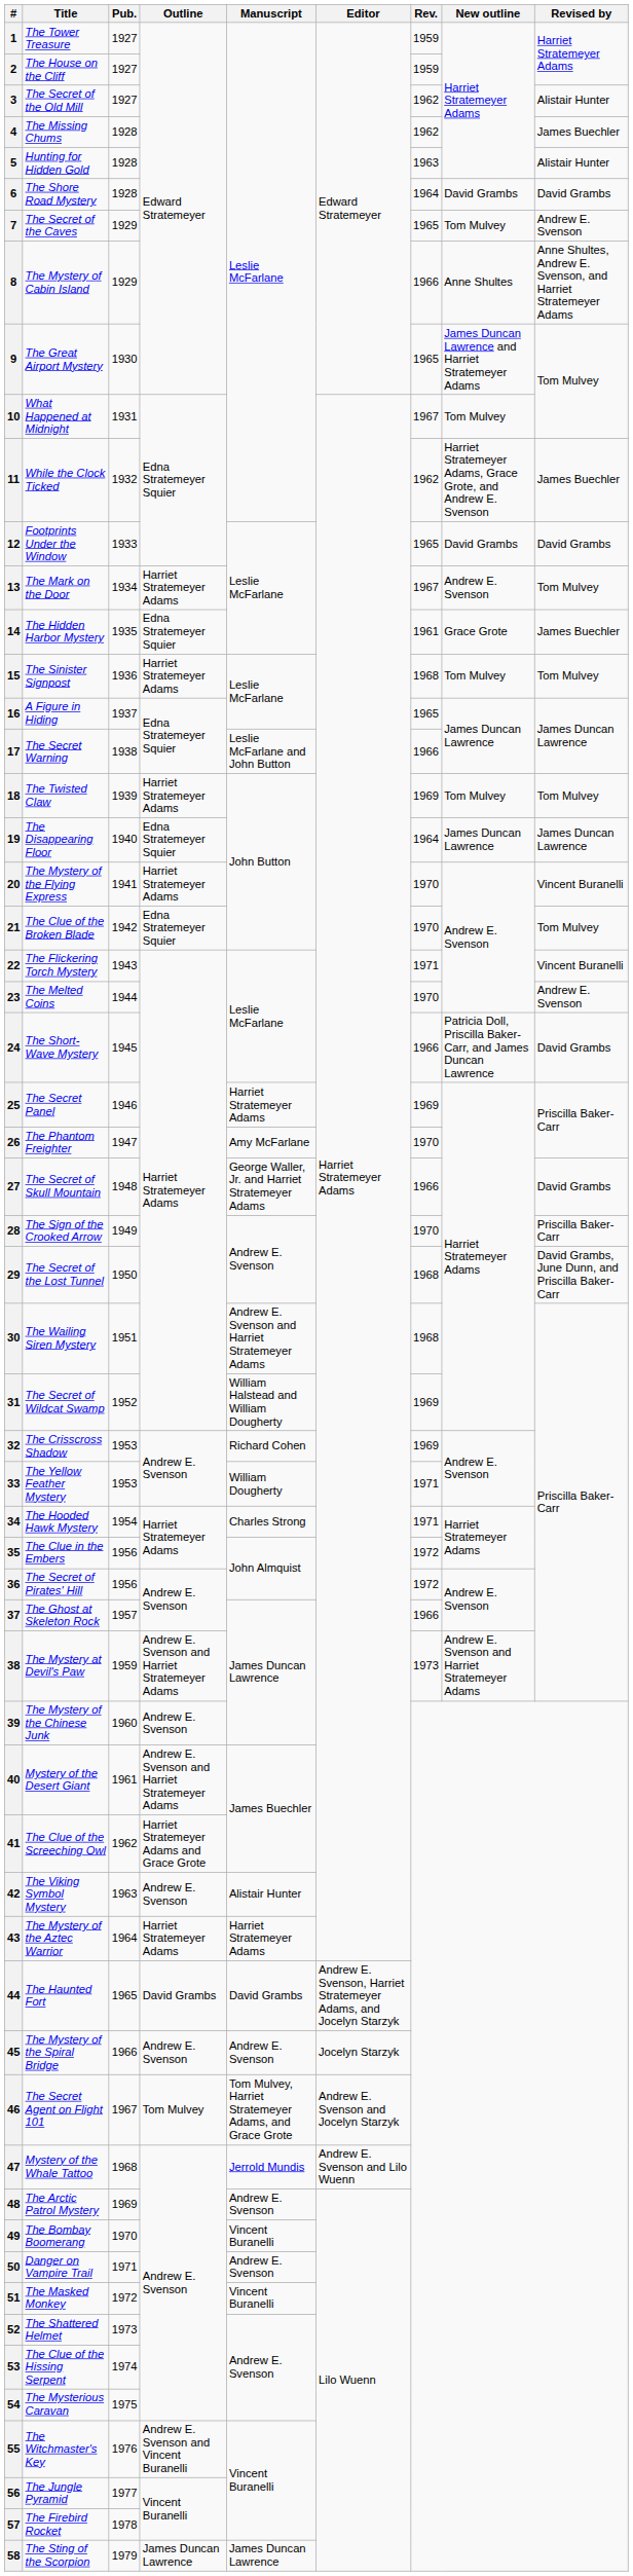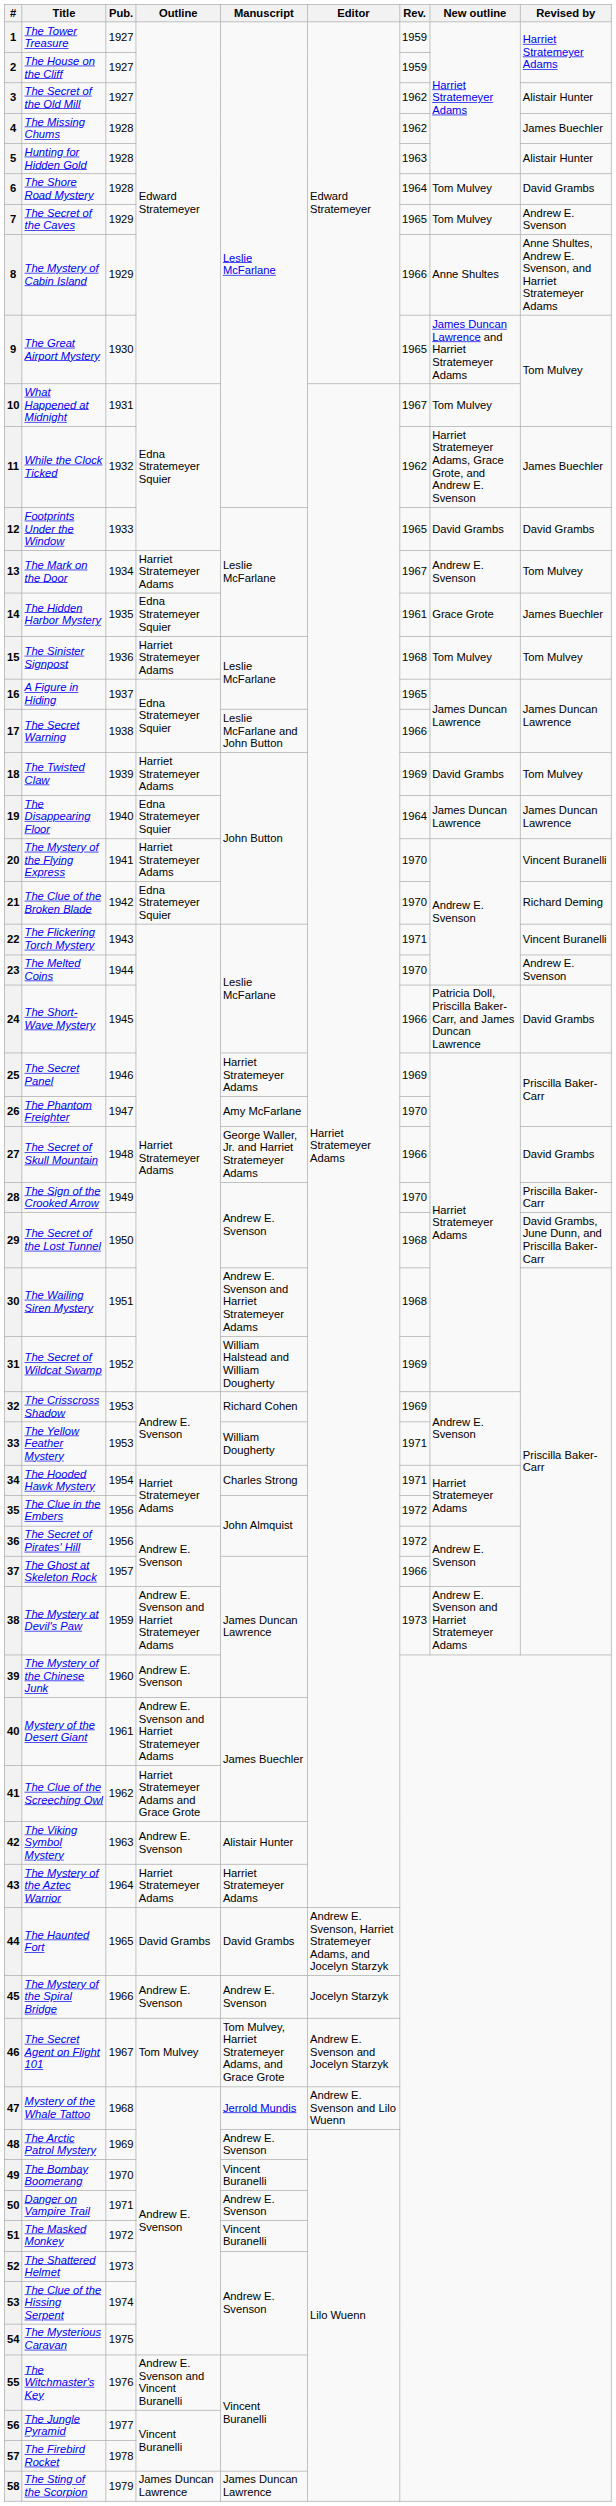 <table class="wikitable">
 <tr>
 <th>#</th>
 <th>Title</th>
 <th>Pub.</th>
 <th>Outline</th>
 <th>Manuscript</th>
 <th>Editor</th>
 <th>Rev.</th>
 <th>New outline</th>
 <th>Revised by</th>
 </tr>
 <tr>
 <th>1</th>
 <td><em><a href='#'>The Tower Treasure</a></em></td>
 <td>1927</td>
 <td rowspan="9">Edward Stratemeyer</td>
 <td rowspan="11"><a href='#'>Leslie McFarlane</a></td>
 <td rowspan="9">Edward Stratemeyer</td>
 <td>1959</td>
 <td rowspan="5"><a href='#'>Harriet Stratemeyer Adams</a></td>
 <td rowspan="2"><a href='#'>Harriet Stratemeyer Adams</a></td>
 </tr>
 <tr>
 <th>2</th>
 <td><em><a href='#'>The House on the Cliff</a></em></td>
 <td>1927</td>
 <td>1959</td>
 </tr>
 <tr>
 <th>3</th>
 <td><em><a href='#'>The Secret of the Old Mill</a></em></td>
 <td>1927</td>
 <td>1962</td>
 <td>Alistair Hunter</td>
 </tr>
 <tr>
 <th>4</th>
 <td><em><a href='#'>The Missing Chums</a></em></td>
 <td>1928</td>
 <td>1962</td>
 <td>James Buechler</td>
 </tr>
 <tr>
 <th>5</th>
 <td><em><a href='#'>Hunting for Hidden Gold</a></em></td>
 <td>1928</td>
 <td>1963</td>
 <td>Alistair Hunter</td>
 </tr>
 <tr>
 <th>6</th>
 <td><em><a href='#'>The Shore Road Mystery</a></em></td>
 <td>1928</td>
 <td>1964</td>
-<td>David Grambs</td>
+<td>Tom Mulvey</td>
 <td>David Grambs</td>
 </tr>
 <tr>
 <th>7</th>
 <td><em><a href='#'>The Secret of the Caves</a></em></td>
 <td>1929</td>
 <td>1965</td>
 <td>Tom Mulvey</td>
 <td>Andrew E. Svenson</td>
 </tr>
 <tr>
 <th>8</th>
 <td><em><a href='#'>The Mystery of Cabin Island</a></em></td>
 <td>1929</td>
 <td>1966</td>
 <td>Anne Shultes</td>
 <td>Anne Shultes, Andrew E. Svenson, and Harriet Stratemeyer Adams</td>
 </tr>
 <tr>
 <th>9</th>
 <td><em><a href='#'>The Great Airport Mystery</a></em></td>
 <td>1930</td>
 <td>1965</td>
 <td><a href='#'>James Duncan Lawrence</a> and Harriet Stratemeyer Adams</td>
 <td rowspan="2">Tom Mulvey</td>
 </tr>
 <tr>
 <th>10</th>
 <td><em><a href='#'>What Happened at Midnight</a></em></td>
 <td>1931</td>
 <td rowspan="3">Edna Stratemeyer Squier</td>
 <td rowspan="34">Harriet Stratemeyer Adams</td>
 <td>1967</td>
 <td>Tom Mulvey</td>
 </tr>
 <tr>
 <th>11</th>
 <td><em><a href='#'>While the Clock Ticked</a></em></td>
 <td>1932</td>
 <td>1962</td>
 <td>Harriet Stratemeyer Adams, Grace Grote, and Andrew E. Svenson</td>
 <td>James Buechler</td>
 </tr>
 <tr>
 <th>12</th>
 <td><em><a href='#'>Footprints Under the Window</a></em></td>
 <td>1933</td>
 <td rowspan="3">Leslie McFarlane</td>
 <td>1965</td>
 <td>David Grambs</td>
 <td>David Grambs</td>
 </tr>
 <tr>
 <th>13</th>
 <td><em><a href='#'>The Mark on the Door</a></em></td>
 <td>1934</td>
 <td>Harriet Stratemeyer Adams</td>
 <td>1967</td>
 <td>Andrew E. Svenson</td>
 <td>Tom Mulvey</td>
 </tr>
 <tr>
 <th>14</th>
 <td><em><a href='#'>The Hidden Harbor Mystery</a></em></td>
 <td>1935</td>
 <td>Edna Stratemeyer Squier</td>
 <td>1961</td>
 <td>Grace Grote</td>
 <td>James Buechler</td>
 </tr>
 <tr>
 <th>15</th>
 <td><em><a href='#'>The Sinister Signpost</a></em></td>
 <td>1936</td>
 <td>Harriet Stratemeyer Adams</td>
 <td rowspan="2">Leslie McFarlane</td>
 <td>1968</td>
 <td>Tom Mulvey</td>
 <td>Tom Mulvey</td>
 </tr>
 <tr>
 <th>16</th>
 <td><em><a href='#'>A Figure in Hiding</a></em></td>
 <td>1937</td>
 <td rowspan="2">Edna Stratemeyer Squier</td>
 <td>1965</td>
 <td rowspan="2">James Duncan Lawrence</td>
 <td rowspan="2">James Duncan Lawrence</td>
 </tr>
 <tr>
 <th>17</th>
 <td><em><a href='#'>The Secret Warning</a></em></td>
 <td>1938</td>
 <td>Leslie McFarlane and John Button</td>
 <td>1966</td>
 </tr>
 <tr>
 <th>18</th>
 <td><em><a href='#'>The Twisted Claw</a></em></td>
 <td>1939</td>
 <td>Harriet Stratemeyer Adams</td>
 <td rowspan="4">John Button</td>
 <td>1969</td>
-<td>Tom Mulvey</td>
+<td>David Grambs</td>
 <td>Tom Mulvey</td>
 </tr>
 <tr>
 <th>19</th>
 <td><em><a href='#'>The Disappearing Floor</a></em></td>
 <td>1940</td>
 <td>Edna Stratemeyer Squier</td>
 <td>1964</td>
 <td>James Duncan Lawrence</td>
 <td>James Duncan Lawrence</td>
 </tr>
 <tr>
 <th>20</th>
 <td><em><a href='#'>The Mystery of the Flying Express</a></em></td>
 <td>1941</td>
 <td>Harriet Stratemeyer Adams</td>
 <td>1970</td>
 <td rowspan="4">Andrew E. Svenson</td>
 <td>Vincent Buranelli</td>
 </tr>
 <tr>
 <th>21</th>
 <td><em><a href='#'>The Clue of the Broken Blade</a></em></td>
 <td>1942</td>
 <td>Edna Stratemeyer Squier</td>
 <td>1970</td>
-<td>Tom Mulvey</td>
+<td>Richard Deming</td>
 </tr>
 <tr>
 <th>22</th>
 <td><em><a href='#'>The Flickering Torch Mystery</a></em></td>
 <td>1943</td>
 <td rowspan="10">Harriet Stratemeyer Adams</td>
 <td rowspan="3">Leslie McFarlane</td>
 <td>1971</td>
 <td>Vincent Buranelli</td>
 </tr>
 <tr>
 <th>23</th>
 <td><em><a href='#'>The Melted Coins</a></em></td>
 <td>1944</td>
 <td>1970</td>
 <td>Andrew E. Svenson</td>
 </tr>
 <tr>
 <th>24</th>
 <td><em><a href='#'>The Short-Wave Mystery</a></em></td>
 <td>1945</td>
 <td>1966</td>
 <td>Patricia Doll, Priscilla Baker-Carr, and James Duncan Lawrence</td>
 <td>David Grambs</td>
 </tr>
 <tr>
 <th>25</th>
 <td><em><a href='#'>The Secret Panel</a></em></td>
 <td>1946</td>
 <td>Harriet Stratemeyer Adams</td>
 <td>1969</td>
 <td rowspan="7">Harriet Stratemeyer Adams</td>
 <td rowspan="2">Priscilla Baker-Carr</td>
 </tr>
 <tr>
 <th>26</th>
 <td><em><a href='#'>The Phantom Freighter</a></em></td>
 <td>1947</td>
 <td>Amy McFarlane</td>
 <td>1970</td>
 </tr>
 <tr>
 <th>27</th>
 <td><em><a href='#'>The Secret of Skull Mountain</a></em></td>
 <td>1948</td>
 <td>George Waller, Jr. and Harriet Stratemeyer Adams</td>
 <td>1966</td>
 <td>David Grambs</td>
 </tr>
 <tr>
 <th>28</th>
 <td><em><a href='#'>The Sign of the Crooked Arrow</a></em></td>
 <td>1949</td>
 <td rowspan="2">Andrew E. Svenson</td>
 <td>1970</td>
 <td>Priscilla Baker-Carr</td>
 </tr>
 <tr>
 <th>29</th>
 <td><em><a href='#'>The Secret of the Lost Tunnel</a></em></td>
 <td>1950</td>
 <td>1968</td>
 <td>David Grambs, June Dunn, and Priscilla Baker-Carr</td>
 </tr>
 <tr>
 <th>30</th>
 <td><em><a href='#'>The Wailing Siren Mystery</a></em></td>
 <td>1951</td>
 <td>Andrew E. Svenson and Harriet Stratemeyer Adams</td>
 <td>1968</td>
 <td rowspan="9">Priscilla Baker-Carr</td>
 </tr>
 <tr>
 <th>31</th>
 <td><em><a href='#'>The Secret of Wildcat Swamp</a></em></td>
 <td>1952</td>
 <td>William Halstead and William Dougherty</td>
 <td>1969</td>
 </tr>
 <tr>
 <th>32</th>
 <td><em><a href='#'>The Crisscross Shadow</a></em></td>
 <td>1953</td>
 <td rowspan="2">Andrew E. Svenson</td>
 <td>Richard Cohen</td>
 <td>1969</td>
 <td rowspan="2">Andrew E. Svenson</td>
 </tr>
 <tr>
 <th>33</th>
 <td><em><a href='#'>The Yellow Feather Mystery</a></em></td>
 <td>1953</td>
 <td>William Dougherty</td>
 <td>1971</td>
 </tr>
 <tr>
 <th>34</th>
 <td><em><a href='#'>The Hooded Hawk Mystery</a></em></td>
 <td>1954</td>
 <td rowspan="2">Harriet Stratemeyer Adams</td>
 <td>Charles Strong</td>
 <td>1971</td>
 <td rowspan="2">Harriet Stratemeyer Adams</td>
 </tr>
 <tr>
 <th>35</th>
 <td><em><a href='#'>The Clue in the Embers</a></em></td>
 <td>1956</td>
 <td rowspan="2">John Almquist</td>
 <td>1972</td>
 </tr>
 <tr>
 <th>36</th>
 <td><em><a href='#'>The Secret of Pirates' Hill</a></em></td>
 <td>1956</td>
 <td rowspan="2">Andrew E. Svenson</td>
 <td>1972</td>
 <td rowspan="2">Andrew E. Svenson</td>
 </tr>
 <tr>
 <th>37</th>
 <td><em><a href='#'>The Ghost at Skeleton Rock</a></em></td>
 <td>1957</td>
 <td rowspan="3">James Duncan Lawrence</td>
 <td>1966</td>
 </tr>
 <tr>
 <th>38</th>
 <td><em><a href='#'>The Mystery at Devil's Paw</a></em></td>
 <td>1959</td>
 <td>Andrew E. Svenson and Harriet Stratemeyer Adams</td>
 <td>1973</td>
 <td>Andrew E. Svenson and Harriet Stratemeyer Adams</td>
 </tr>
 <tr>
 <th>39</th>
 <td><em><a href='#'>The Mystery of the Chinese Junk</a></em></td>
 <td>1960</td>
 <td>Andrew E. Svenson</td>
 </tr>
 <tr>
 <th>40</th>
 <td><em><a href='#'>Mystery of the Desert Giant</a></em></td>
 <td>1961</td>
 <td>Andrew E. Svenson and Harriet Stratemeyer Adams</td>
 <td rowspan="2">James Buechler</td>
 </tr>
 <tr>
 <th>41</th>
 <td><em><a href='#'>The Clue of the Screeching Owl</a></em></td>
 <td>1962</td>
 <td>Harriet Stratemeyer Adams and Grace Grote</td>
 </tr>
 <tr>
 <th>42</th>
 <td><em><a href='#'>The Viking Symbol Mystery</a></em></td>
 <td>1963</td>
 <td>Andrew E. Svenson</td>
 <td>Alistair Hunter</td>
 </tr>
 <tr>
 <th>43</th>
 <td><em><a href='#'>The Mystery of the Aztec Warrior</a></em></td>
 <td>1964</td>
 <td>Harriet Stratemeyer Adams</td>
 <td>Harriet Stratemeyer Adams</td>
 </tr>
 <tr>
 <th>44</th>
 <td><em><a href='#'>The Haunted Fort</a></em></td>
 <td>1965</td>
 <td>David Grambs</td>
 <td>David Grambs</td>
 <td>Andrew E. Svenson, Harriet Stratemeyer Adams, and Jocelyn Starzyk</td>
 </tr>
 <tr>
 <th>45</th>
 <td><em><a href='#'>The Mystery of the Spiral Bridge</a></em></td>
 <td>1966</td>
 <td>Andrew E. Svenson</td>
 <td>Andrew E. Svenson</td>
 <td>Jocelyn Starzyk</td>
 </tr>
 <tr>
 <th>46</th>
 <td><em><a href='#'>The Secret Agent on Flight 101</a></em></td>
 <td>1967</td>
 <td>Tom Mulvey</td>
 <td>Tom Mulvey, Harriet Stratemeyer Adams, and Grace Grote</td>
 <td>Andrew E. Svenson and Jocelyn Starzyk</td>
 </tr>
 <tr>
 <th>47</th>
 <td><em><a href='#'>Mystery of the Whale Tattoo</a></em></td>
 <td>1968</td>
 <td rowspan="8">Andrew E. Svenson</td>
 <td><a href='#'>Jerrold Mundis</a></td>
 <td>Andrew E. Svenson and Lilo Wuenn</td>
 </tr>
 <tr>
 <th>48</th>
 <td><em><a href='#'>The Arctic Patrol Mystery</a></em></td>
 <td>1969</td>
 <td>Andrew E. Svenson</td>
 <td rowspan="11">Lilo Wuenn</td>
 </tr>
 <tr>
 <th>49</th>
 <td><em><a href='#'>The Bombay Boomerang</a></em></td>
 <td>1970</td>
 <td>Vincent Buranelli</td>
 </tr>
 <tr>
 <th>50</th>
 <td><em><a href='#'>Danger on Vampire Trail</a></em></td>
 <td>1971</td>
 <td>Andrew E. Svenson</td>
 </tr>
 <tr>
 <th>51</th>
 <td><em><a href='#'>The Masked Monkey</a></em></td>
 <td>1972</td>
 <td>Vincent Buranelli</td>
 </tr>
 <tr>
 <th>52</th>
 <td><em><a href='#'>The Shattered Helmet</a></em></td>
 <td>1973</td>
 <td rowspan="3">Andrew E. Svenson</td>
 </tr>
 <tr>
 <th>53</th>
 <td><em><a href='#'>The Clue of the Hissing Serpent</a></em></td>
 <td>1974</td>
 </tr>
 <tr>
 <th>54</th>
 <td><em><a href='#'>The Mysterious Caravan</a></em></td>
 <td>1975</td>
 </tr>
 <tr>
 <th>55</th>
 <td><em><a href='#'>The Witchmaster's Key</a></em></td>
 <td>1976</td>
 <td>Andrew E. Svenson and Vincent Buranelli</td>
 <td rowspan="3">Vincent Buranelli</td>
 </tr>
 <tr>
 <th>56</th>
 <td><em><a href='#'>The Jungle Pyramid</a></em></td>
 <td>1977</td>
 <td rowspan="2">Vincent Buranelli</td>
 </tr>
 <tr>
 <th>57</th>
 <td><em><a href='#'>The Firebird Rocket</a></em></td>
 <td>1978</td>
 </tr>
 <tr>
 <th>58</th>
 <td><em><a href='#'>The Sting of the Scorpion</a></em></td>
 <td>1979</td>
 <td>James Duncan Lawrence</td>
 <td>James Duncan Lawrence</td>
 </tr>
 </table>
